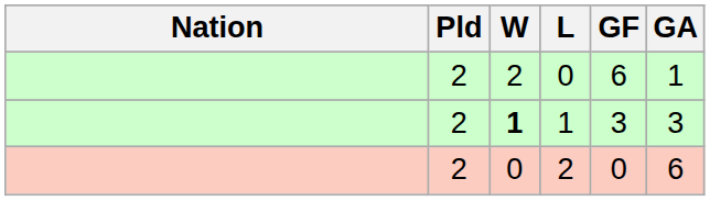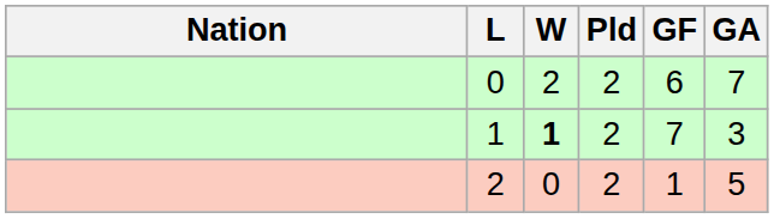 <table class=wikitable style="text-align:center">
 <tr>
 <th width=220>Nation</th>
+<th width=20>L</th>
+<th width=20>W</th>
 <th width=20>Pld</th>
-<th width=20>W</th>
-<th width=20>L</th>
 <th width=20>GF</th>
 <th width=20>GA</th>
 </tr>
 <tr bgcolor="#ccffcc">
 <td align=left></td>
+<td>0</td>
 <td>2</td>
 <td>2</td>
-<td>0</td>
 <td>6</td>
-<td>1</td>
+<td>7</td>
 </tr>
 <tr bgcolor="#ccffcc">
 <td align=left></td>
+<td>1</td>
+<td><strong>1</strong></td>
 <td>2</td>
-<td><strong>1</strong></td>
-<td>1</td>
-<td>3</td>
+<td>7</td>
 <td>3</td>
 </tr>
 <tr bgcolor="#fcccc">
 <td align=left></td>
 <td>2</td>
 <td>0</td>
 <td>2</td>
-<td>0</td>
-<td>6</td>
+<td>1</td>
+<td>5</td>
 </tr>
 </table>
